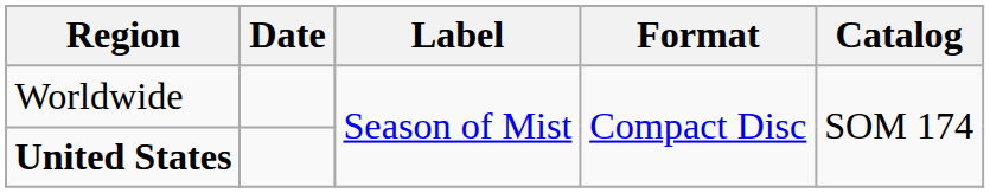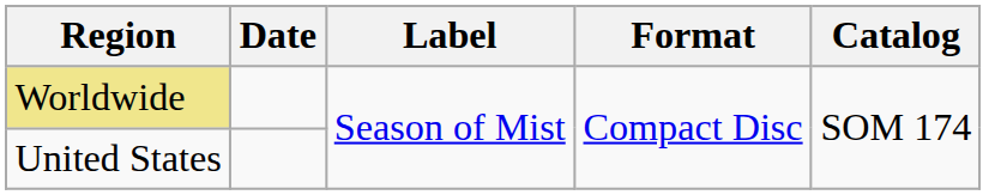 <table class="wikitable" border="1">
 <tr>
 <th>Region</th>
 <th>Date</th>
 <th>Label</th>
 <th>Format</th>
 <th>Catalog</th>
 </tr>
 <tr>
-<td>Worldwide</td>
+<td style="background: khaki;">Worldwide</td>
 <td></td>
 <td rowspan="2"><a href='#'>Season of Mist</a></td>
 <td rowspan="2"><a href='#'>Compact Disc</a></td>
 <td rowspan="2">SOM 174</td>
 </tr>
 <tr>
-<td><strong>United States</strong></td>
+<td>United States</td>
 <td></td>
 </tr>
 </table>
